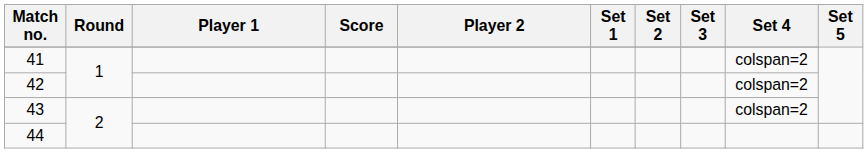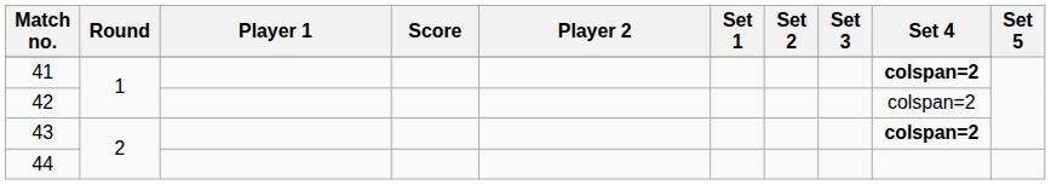 <table class="wikitable" style="text-align: center;">
 <tr>
 <th width="2%">Match no.</th>
 <th width="2%">Round</th>
 <th width="15%">Player 1</th>
 <th width="5%">Score</th>
 <th width="15%">Player 2</th>
 <th width="3%">Set 1</th>
 <th width="3%">Set 2</th>
 <th width="3%">Set 3</th>
 <th width="3%">Set 4</th>
 <th width="3%">Set 5</th>
 </tr>
 <tr>
 </tr>
 <tr style=text-align:center;>
 <td>41</td>
 <td rowspan=2>1</td>
 <td></td>
 <td></td>
 <td></td>
 <td></td>
 <td></td>
 <td></td>
-<td>colspan=2</td>
+<td><strong>colspan=2</strong></td>
 </tr>
 <tr style=text-align:center;>
 <td>42</td>
 <td></td>
 <td></td>
 <td></td>
 <td></td>
 <td></td>
 <td></td>
 <td>colspan=2</td>
 </tr>
 <tr style=text-align:center;>
 <td>43</td>
 <td rowspan=2>2</td>
 <td></td>
 <td></td>
 <td></td>
 <td></td>
 <td></td>
 <td></td>
-<td>colspan=2</td>
+<td><strong>colspan=2</strong></td>
 </tr>
 <tr style=text-align:center;>
 <td>44</td>
 <td></td>
 <td></td>
 <td></td>
 <td></td>
 <td></td>
 <td></td>
 <td></td>
 <td></td>
 </tr>
 </table>
